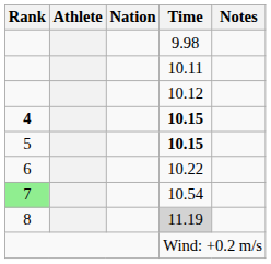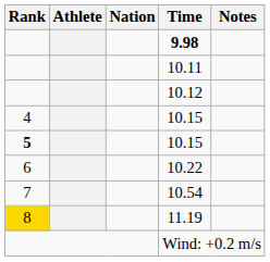 <table class="wikitable plainrowheaders sortable" style="text-align:center;">
 <tr>
 <th scope=col>Rank</th>
 <th scope=col>Athlete</th>
 <th scope=col>Nation</th>
 <th scope=col>Time</th>
 <th scope=col>Notes</th>
 </tr>
 <tr>
 <td></td>
 <th scope=row style=text-align:left;></th>
 <td align=left></td>
-<td>9.98</td>
+<td><strong>9.98</strong></td>
 <td></td>
 </tr>
 <tr>
 <td></td>
 <th scope=row style=text-align:left;></th>
 <td align=left></td>
 <td>10.11</td>
 <td></td>
 </tr>
 <tr>
 <td></td>
 <th scope=row style=text-align:left;></th>
 <td align=left></td>
 <td>10.12</td>
 <td></td>
 </tr>
 <tr>
-<td><strong>4</strong></td>
+<td>4</td>
 <th scope=row style=text-align:left;></th>
 <td align=left></td>
-<td><strong>10.15</strong></td>
+<td>10.15</td>
 <td></td>
 </tr>
 <tr>
-<td>5</td>
+<td><strong>5</strong></td>
 <th scope=row style=text-align:left;></th>
 <td align=left></td>
-<td><strong>10.15</strong></td>
+<td>10.15</td>
 <td></td>
 </tr>
 <tr>
 <td>6</td>
 <th scope=row style=text-align:left;></th>
 <td align=left></td>
 <td>10.22</td>
 <td></td>
 </tr>
 <tr>
-<td style="background: lightgreen;">7</td>
+<td>7</td>
 <th scope=row style=text-align:left;></th>
 <td align=left></td>
 <td>10.54</td>
 <td></td>
 </tr>
 <tr>
-<td>8</td>
+<td style="background: gold;">8</td>
 <th scope=row style=text-align:left;></th>
 <td align=left></td>
-<td style="background: lightgrey;">11.19</td>
+<td>11.19</td>
 <td></td>
 </tr>
 <tr class=sortbottom>
 <td colspan=3></td>
 <td colspan=2 style=text-align:left;>Wind: +0.2 m/s</td>
 </tr>
 </table>
